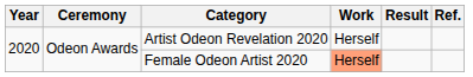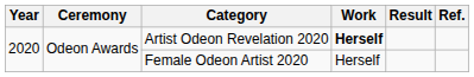 <table class = "wikitable">
 <tr>
 <th>Year</th>
 <th>Ceremony</th>
 <th>Category</th>
 <th>Work</th>
 <th>Result</th>
 <th>Ref.</th>
 </tr>
 <tr>
 <td rowspan = "2">2020</td>
 <td rowspan = "3">Odeon Awards</td>
 <td>Artist Odeon Revelation 2020</td>
-<td>Herself</td>
+<td><strong>Herself</strong></td>
 <td></td>
 <td></td>
 </tr>
 <tr>
 <td>Female Odeon Artist 2020</td>
-<td style="background: lightsalmon;">Herself</td>
+<td>Herself</td>
 <td></td>
 <td></td>
 </tr>
 </table>
